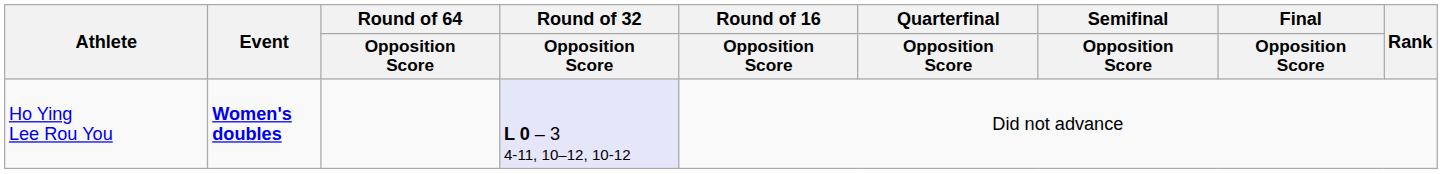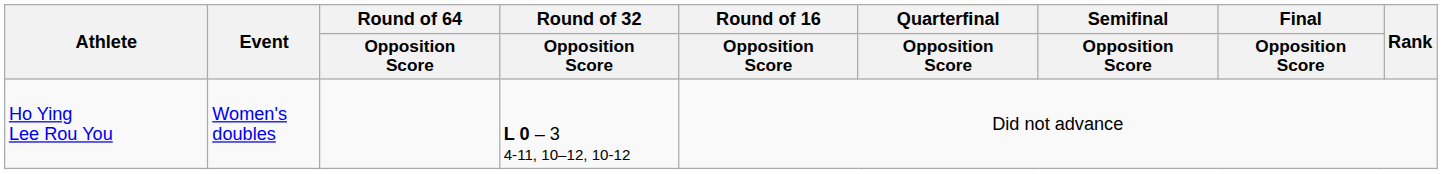 <table class="wikitable" width="90%" style="text-align:left; font-size:90%">
 <tr>
 <th rowspan=2 width="15%">Athlete</th>
 <th rowspan=2 width="8%">Event</th>
 <th width="13%">Round of 64</th>
 <th width="13%">Round of 32</th>
 <th width="13%">Round of 16</th>
 <th width="13%">Quarterfinal</th>
 <th width="13%">Semifinal</th>
 <th width="13%">Final</th>
 <th rowspan=2 width="3%">Rank</th>
 </tr>
 <tr style="font-size:95%">
 <th>Opposition<br>Score</th>
 <th>Opposition<br>Score</th>
 <th>Opposition<br>Score</th>
 <th>Opposition<br>Score</th>
 <th>Opposition<br>Score</th>
 <th>Opposition<br>Score</th>
 </tr>
 <tr>
 <td><a href='#'>Ho Ying</a><br><a href='#'>Lee Rou You</a></td>
-<td><strong><a href='#'>Women's doubles</a></strong></td>
+<td><a href='#'>Women's doubles</a></td>
 <td></td>
-<td style="background: lavender;"><br><br><strong>L 0</strong> – 3<br><small>4-11, 10–12, 10-12</small></td>
+<td><br><br><strong>L 0</strong> – 3<br><small>4-11, 10–12, 10-12</small></td>
 <td align=center colspan=5>Did not advance</td>
 </tr>
 </table>
